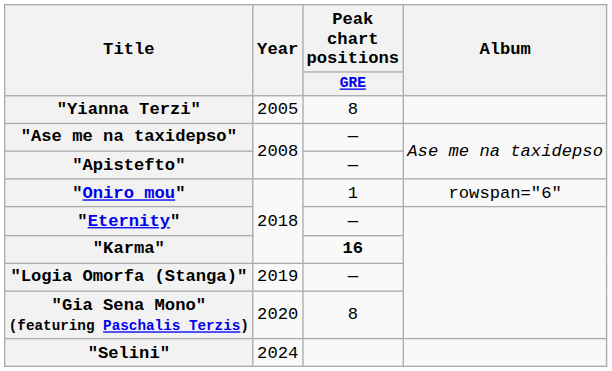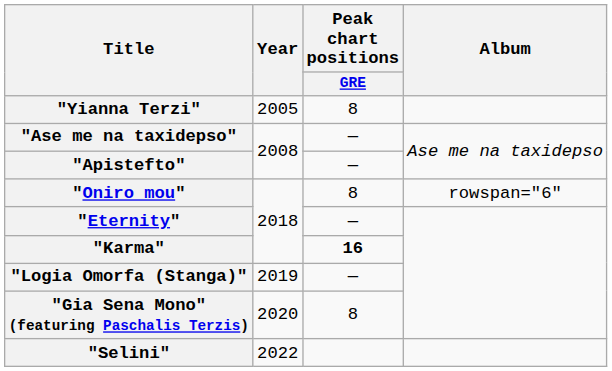 <table class="wikitable plainrowheaders" style="text-align:center;">
 <tr>
 <th scope="col" rowspan="2">Title</th>
 <th scope="col" rowspan="2">Year</th>
 <th scope="col" colspan="1">Peak chart positions</th>
 <th scope="col" rowspan="2">Album</th>
 </tr>
 <tr>
 <th scope="col" style="width:3em;font-size:85%;"><a href='#'>GRE</a></th>
 </tr>
 <tr>
 <th scope="row">"Yianna Terzi"</th>
 <td>2005</td>
 <td>8</td>
 <td></td>
 </tr>
 <tr>
 <th scope="row">"Ase me na taxidepso"</th>
 <td rowspan="2">2008</td>
 <td>—</td>
 <td rowspan="2"><em>Ase me na taxidepso</em></td>
 </tr>
 <tr>
 <th scope="row">"Apistefto"</th>
 <td>—</td>
 </tr>
 <tr>
 <th scope="row">"<a href='#'>Oniro mou</a>"</th>
 <td rowspan="3">2018</td>
-<td>1</td>
+<td>8</td>
 <td>rowspan="6" </td>
 </tr>
 <tr>
 <th scope="row">"<a href='#'>Eternity</a>"</th>
 <td>—</td>
 </tr>
 <tr>
 <th scope="row">"Karma"</th>
 <td><strong>16</strong></td>
 </tr>
 <tr>
 <th scope="row">"Logia Omorfa (Stanga)"</th>
 <td>2019</td>
 <td>—</td>
 </tr>
 <tr>
 <th scope="row">"Gia Sena Mono"<br><small>(featuring <a href='#'>Paschalis Terzis</a>)</small></th>
 <td>2020</td>
 <td>8</td>
 </tr>
 <tr>
 <th scope="row">"Selini"</th>
-<td>2024</td>
+<td>2022</td>
 <td></td>
 <td></td>
 </tr>
 </table>
